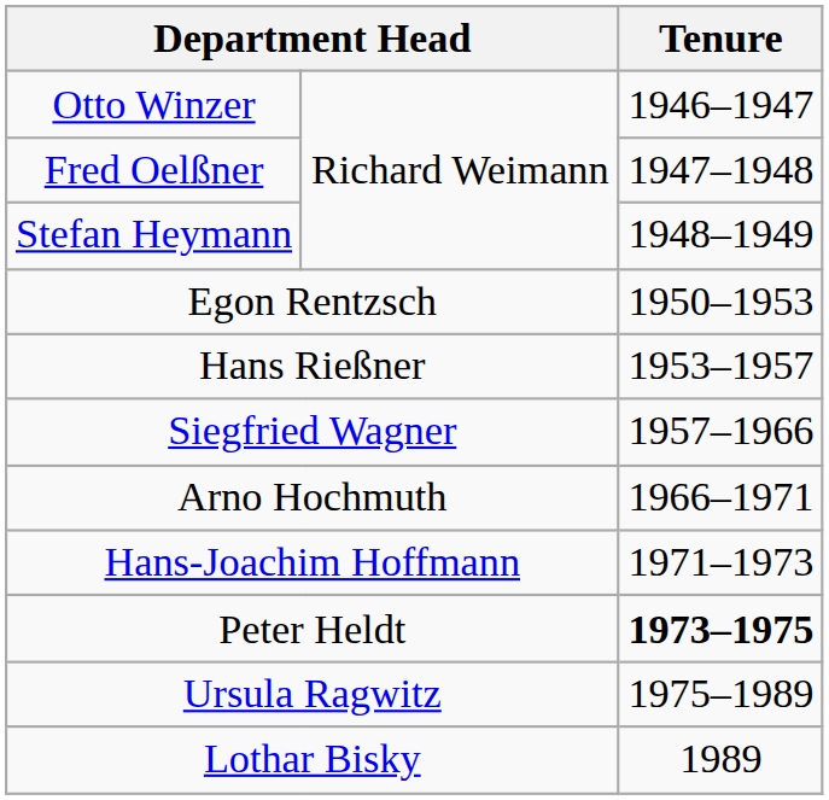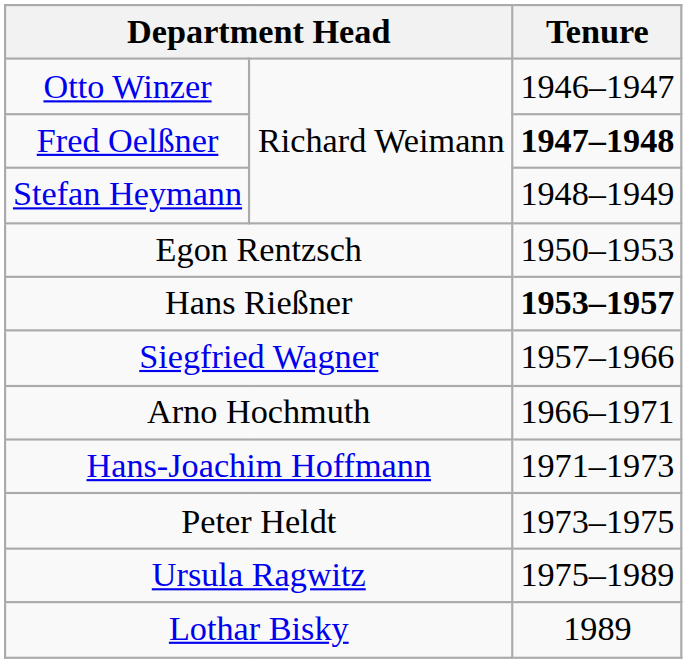 <table class="wikitable" style="text-align: center;">
 <tr>
 <th colspan="2">Department Head</th>
 <th>Tenure</th>
 </tr>
 <tr>
 <td><a href='#'>Otto Winzer</a></td>
 <td rowspan="3">Richard Weimann</td>
 <td>1946–1947</td>
 </tr>
 <tr>
 <td><a href='#'>Fred Oelßner</a></td>
-<td>1947–1948</td>
+<td><strong>1947–1948</strong></td>
 </tr>
 <tr>
 <td><a href='#'>Stefan Heymann</a></td>
 <td>1948–1949</td>
 </tr>
 <tr>
 <td colspan="2">Egon Rentzsch</td>
 <td>1950–1953</td>
 </tr>
 <tr>
 <td colspan="2">Hans Rießner</td>
-<td>1953–1957</td>
+<td><strong>1953–1957</strong></td>
 </tr>
 <tr>
 <td colspan="2"><a href='#'>Siegfried Wagner</a></td>
 <td>1957–1966</td>
 </tr>
 <tr>
 <td colspan="2">Arno Hochmuth</td>
 <td>1966–1971</td>
 </tr>
 <tr>
 <td colspan="2"><a href='#'>Hans-Joachim Hoffmann</a></td>
 <td>1971–1973</td>
 </tr>
 <tr>
 <td colspan="2">Peter Heldt</td>
-<td><strong>1973–1975</strong></td>
+<td>1973–1975</td>
 </tr>
 <tr>
 <td colspan="2"><a href='#'>Ursula Ragwitz</a></td>
 <td>1975–1989</td>
 </tr>
 <tr>
 <td colspan="2"><a href='#'>Lothar Bisky</a></td>
 <td>1989</td>
 </tr>
 </table>
